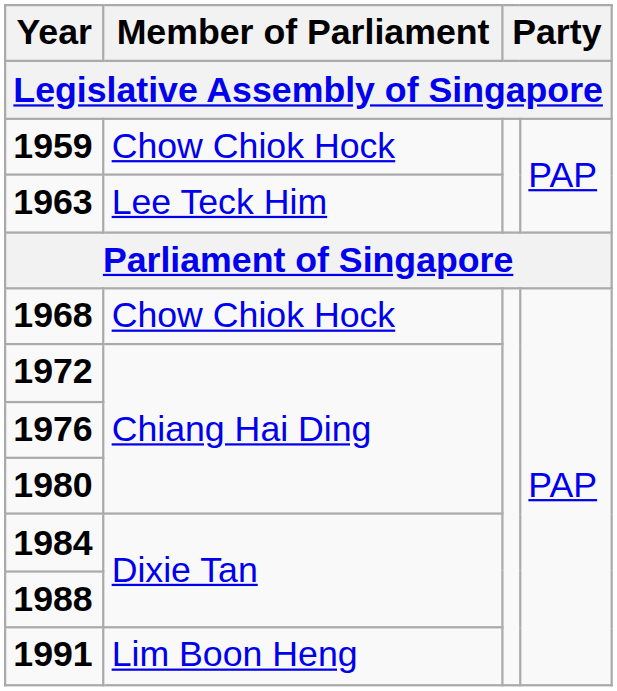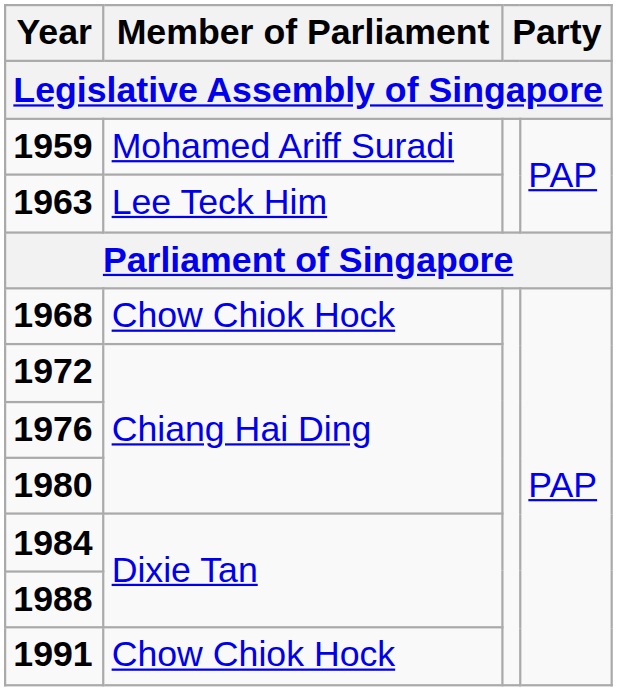 <table class="wikitable">
 <tr>
 <th>Year</th>
 <th>Member of Parliament</th>
 <th colspan="2">Party</th>
 </tr>
 <tr>
 <th colspan="4"><a href='#'>Legislative Assembly of Singapore</a></th>
 </tr>
 <tr>
 <td><strong>1959</strong></td>
-<td><a href='#'>Chow Chiok Hock</a></td>
+<td><a href='#'>Mohamed Ariff Suradi</a></td>
 <td rowspan="2"></td>
 <td rowspan="2"><a href='#'>PAP</a></td>
 </tr>
 <tr>
 <td><strong>1963</strong></td>
 <td><a href='#'>Lee Teck Him</a></td>
 </tr>
 <tr>
 <th colspan="4"><a href='#'>Parliament of Singapore</a></th>
 </tr>
 <tr>
 <td><strong>1968</strong></td>
 <td><a href='#'>Chow Chiok Hock</a></td>
 <td rowspan="7"></td>
 <td rowspan="7"><a href='#'>PAP</a></td>
 </tr>
 <tr>
 <td><strong>1972</strong></td>
 <td rowspan="3"><a href='#'>Chiang Hai Ding</a></td>
 </tr>
 <tr>
 <td><strong>1976</strong></td>
 </tr>
 <tr>
 <td><strong>1980</strong></td>
 </tr>
 <tr>
 <td><strong>1984</strong></td>
 <td rowspan="2"><a href='#'>Dixie Tan</a></td>
 </tr>
 <tr>
 <td><strong>1988</strong></td>
 </tr>
 <tr>
 <td><strong>1991</strong></td>
-<td rowspan="1"><a href='#'>Lim Boon Heng</a></td>
+<td><a href='#'>Chow Chiok Hock</a></td>
 </tr>
 </table>
